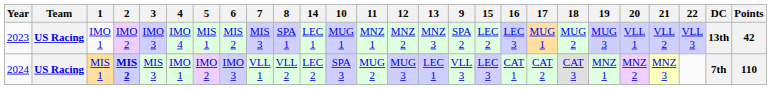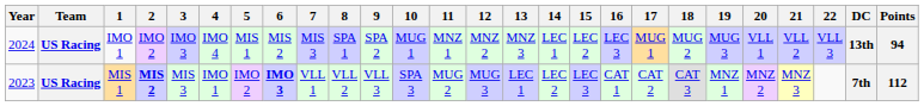 <table class="wikitable" style="text-align:center; font-size:85%">
 <tr>
 <th>Year</th>
 <th>Team</th>
 <th>1</th>
 <th>2</th>
 <th>3</th>
 <th>4</th>
 <th>5</th>
 <th>6</th>
 <th>7</th>
 <th>8</th>
-<th>14</th>
+<th>9</th>
 <th>10</th>
 <th>11</th>
 <th>12</th>
 <th>13</th>
-<th>9</th>
+<th>14</th>
 <th>15</th>
 <th>16</th>
 <th>17</th>
 <th>18</th>
 <th>19</th>
 <th>20</th>
 <th>21</th>
 <th>22</th>
 <th>DC</th>
 <th>Points</th>
 </tr>
 <tr>
-<td><a href='#'>2023</a></td>
+<td><a href='#'>2024</a></td>
 <th nowrap><a href='#'>US Racing</a></th>
 <td style="background:#;"><a href='#'>IMO<br>1</a><br></td>
 <td style="background:#EFCFFF;"><a href='#'>IMO<br>2</a><br></td>
 <td style="background:#CFCFFF;"><a href='#'>IMO<br>3</a><br></td>
 <td style="background:#DFFFDF;"><a href='#'>IMO<br>4</a><br></td>
 <td style="background:#DFFFDF;"><a href='#'>MIS<br>1</a><br></td>
 <td style="background:#DFFFDF;"><a href='#'>MIS<br>2</a><br></td>
 <td style="background:#CFCFFF;"><a href='#'>MIS<br>3</a><br></td>
 <td style="background:#CFCFFF;"><a href='#'>SPA<br>1</a><br></td>
-<td style="background:#DFFFDF;"><a href='#'>LEC<br>1</a><br></td>
+<td style="background:#DFFFDF;"><a href='#'>SPA<br>2</a><br></td>
 <td style="background:#CFCFFF"><a href='#'>MUG<br>1</a><br></td>
 <td style="background:#DFFFDF;"><a href='#'>MNZ<br>1</a><br></td>
 <td style="background:#DFFFDF;"><a href='#'>MNZ<br>2</a><br></td>
 <td style="background:#DFFFDF;"><a href='#'>MNZ<br>3</a><br></td>
-<td style="background:#DFFFDF;"><a href='#'>SPA<br>2</a><br></td>
+<td style="background:#DFFFDF;"><a href='#'>LEC<br>1</a><br></td>
 <td style="background:#DFFFDF;"><a href='#'>LEC<br>2</a><br></td>
 <td style="background:#CFCFFF;"><a href='#'>LEC<br>3</a><br></td>
 <td style="background:#FFDF9F;"><a href='#'>MUG<br>1</a><br></td>
 <td style="background:#DFFFDF;"><a href='#'>MUG<br>2</a><br></td>
 <td style="background:#CFCFFF;"><a href='#'>MUG<br>3</a><br></td>
 <td style="background:#CFCFFF;"><a href='#'>VLL<br>1</a><br></td>
 <td style="background:#CFCFFF"><a href='#'>VLL<br>2</a><br></td>
 <td style="background:#CFCFFF"><a href='#'>VLL<br>3</a><br></td>
 <th>13th</th>
-<th>42</th>
+<th>94</th>
 </tr>
 <tr>
-<td><a href='#'>2024</a></td>
+<td><a href='#'>2023</a></td>
 <th nowrap><a href='#'>US Racing</a></th>
 <td style="background:#FFDF9F"><a href='#'>MIS<br>1</a><br></td>
 <td style="background:#CFCFFF"><strong><a href='#'>MIS<br>2</a><br></strong></td>
 <td style="background:#DFFFDF"><a href='#'>MIS<br>3</a><br></td>
 <td style="background:#DFFFDF"><a href='#'>IMO<br>1</a><br></td>
 <td style="background:#EFCFFF"><a href='#'>IMO<br>2</a><br></td>
-<td style="background:#CFCFFF"><a href='#'>IMO<br>3</a><br></td>
+<td style="background:#CFCFFF"><strong><a href='#'>IMO<br>3</a><br></strong></td>
 <td style="background:#DFFFDF"><a href='#'>VLL<br>1</a><br></td>
 <td style="background:#DFFFDF"><a href='#'>VLL<br>2</a><br></td>
-<td style="background:#DFFFDF"><a href='#'>LEC<br>2</a><br></td>
+<td style="background:#DFFFDF"><a href='#'>VLL<br>3</a><br></td>
 <td style="background:#CFCFFF;"><a href='#'>SPA<br>3</a><br></td>
 <td style="background:#DFFFDF"><a href='#'>MUG<br>2</a><br></td>
 <td style="background:#CFCFFF"><a href='#'>MUG<br>3</a><br></td>
 <td style="background:#CFCFFF"><a href='#'>LEC<br>1</a><br></td>
-<td style="background:#DFFFDF"><a href='#'>VLL<br>3</a><br></td>
+<td style="background:#DFFFDF"><a href='#'>LEC<br>2</a><br></td>
 <td style="background:#CFCFFF"><a href='#'>LEC<br>3</a><br></td>
 <td style="background:#DFFFDF"><a href='#'>CAT<br>1</a><br></td>
 <td style="background:#DFFFDF"><a href='#'>CAT<br>2</a><br></td>
 <td style="background:#DFDFDF"><a href='#'>CAT<br>3</a><br></td>
 <td style="background:#DFFFDF"><a href='#'>MNZ<br>1</a><br></td>
 <td style="background:#EFCFFF"><a href='#'>MNZ<br>2</a><br></td>
 <td style="background:#FFFFBF"><a href='#'>MNZ<br>3</a><br></td>
 <td></td>
 <th style="background:#">7th</th>
-<th style="background:#">110</th>
+<th style="background:#">112</th>
 </tr>
 </table>
